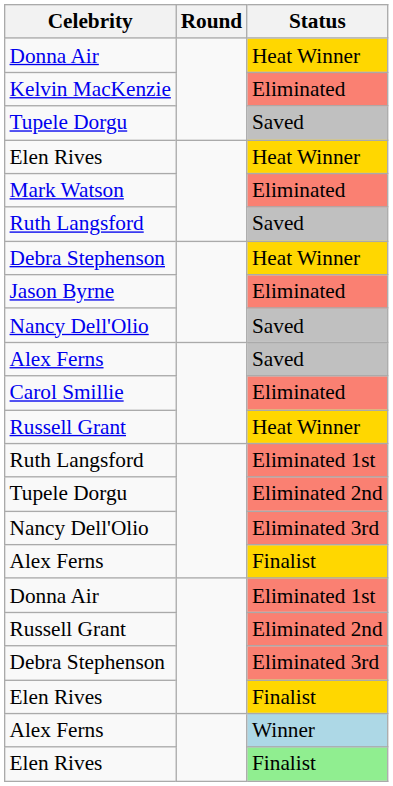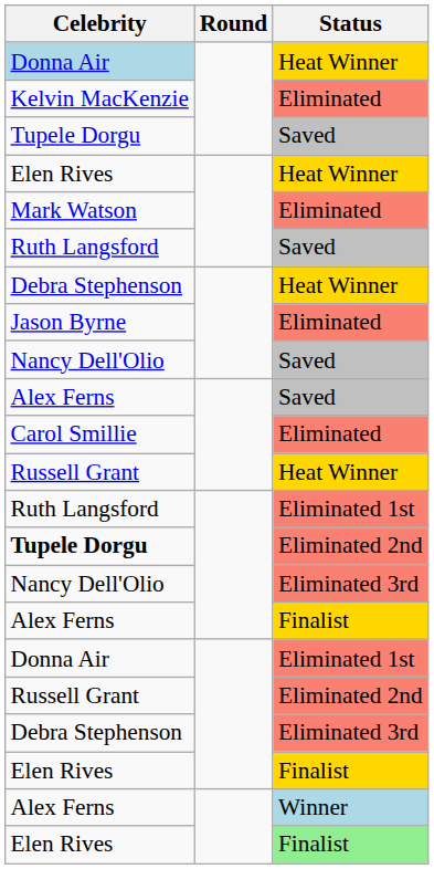 <table class=wikitable>
 <tr>
 <th>Celebrity</th>
 <th>Round</th>
 <th>Status</th>
 </tr>
 <tr>
-<td><a href='#'>Donna Air</a></td>
+<td style="background: lightblue;"><a href='#'>Donna Air</a></td>
 <td rowspan="3"></td>
 <td bgcolor="gold">Heat Winner</td>
 </tr>
 <tr>
 <td><a href='#'>Kelvin MacKenzie</a></td>
 <td bgcolor="fa8072">Eliminated</td>
 </tr>
 <tr>
 <td><a href='#'>Tupele Dorgu</a></td>
 <td bgcolor="silver">Saved</td>
 </tr>
 <tr>
 <td>Elen Rives</td>
 <td rowspan="3"></td>
 <td bgcolor="gold">Heat Winner</td>
 </tr>
 <tr>
 <td><a href='#'>Mark Watson</a></td>
 <td bgcolor="fa8072">Eliminated</td>
 </tr>
 <tr>
 <td><a href='#'>Ruth Langsford</a></td>
 <td bgcolor="silver">Saved</td>
 </tr>
 <tr>
 <td><a href='#'>Debra Stephenson</a></td>
 <td rowspan="3"></td>
 <td bgcolor="gold">Heat Winner</td>
 </tr>
 <tr>
 <td><a href='#'>Jason Byrne</a></td>
 <td bgcolor="fa8072">Eliminated</td>
 </tr>
 <tr>
 <td><a href='#'>Nancy Dell'Olio</a></td>
 <td bgcolor="silver">Saved</td>
 </tr>
 <tr>
 <td><a href='#'>Alex Ferns</a></td>
 <td rowspan="3"></td>
 <td bgcolor="silver">Saved</td>
 </tr>
 <tr>
 <td><a href='#'>Carol Smillie</a></td>
 <td bgcolor="fa8072">Eliminated</td>
 </tr>
 <tr>
 <td><a href='#'>Russell Grant</a></td>
 <td bgcolor="gold">Heat Winner</td>
 </tr>
 <tr>
 <td>Ruth Langsford</td>
 <td rowspan="4"></td>
 <td bgcolor="fa8072">Eliminated 1st</td>
 </tr>
 <tr>
-<td>Tupele Dorgu</td>
+<td><strong>Tupele Dorgu</strong></td>
 <td bgcolor="fa8072">Eliminated 2nd</td>
 </tr>
 <tr>
 <td>Nancy Dell'Olio</td>
 <td bgcolor="fa8072">Eliminated 3rd</td>
 </tr>
 <tr>
 <td>Alex Ferns</td>
 <td bgcolor="gold">Finalist</td>
 </tr>
 <tr>
 <td>Donna Air</td>
 <td rowspan="4"></td>
 <td bgcolor="fa8072">Eliminated 1st</td>
 </tr>
 <tr>
 <td>Russell Grant</td>
 <td bgcolor="fa8072">Eliminated 2nd</td>
 </tr>
 <tr>
 <td>Debra Stephenson</td>
 <td bgcolor="fa8072">Eliminated 3rd</td>
 </tr>
 <tr>
 <td>Elen Rives</td>
 <td bgcolor="gold">Finalist</td>
 </tr>
 <tr>
 <td>Alex Ferns</td>
 <td rowspan="2"></td>
 <td bgcolor="lightblue">Winner</td>
 </tr>
 <tr>
 <td>Elen Rives</td>
 <td bgcolor="lightgreen">Finalist</td>
 </tr>
 </table>
